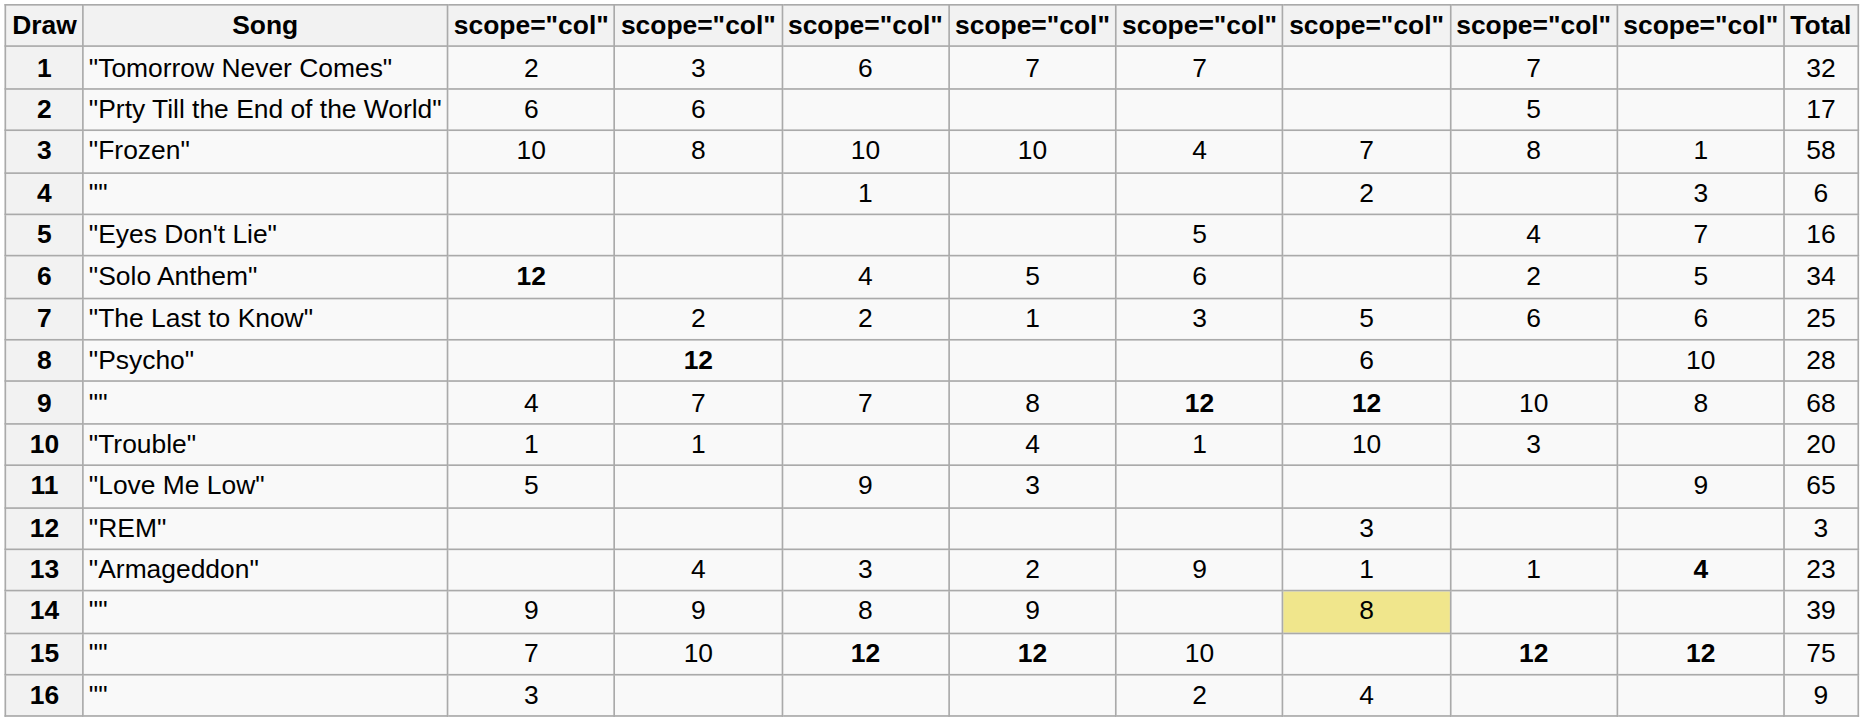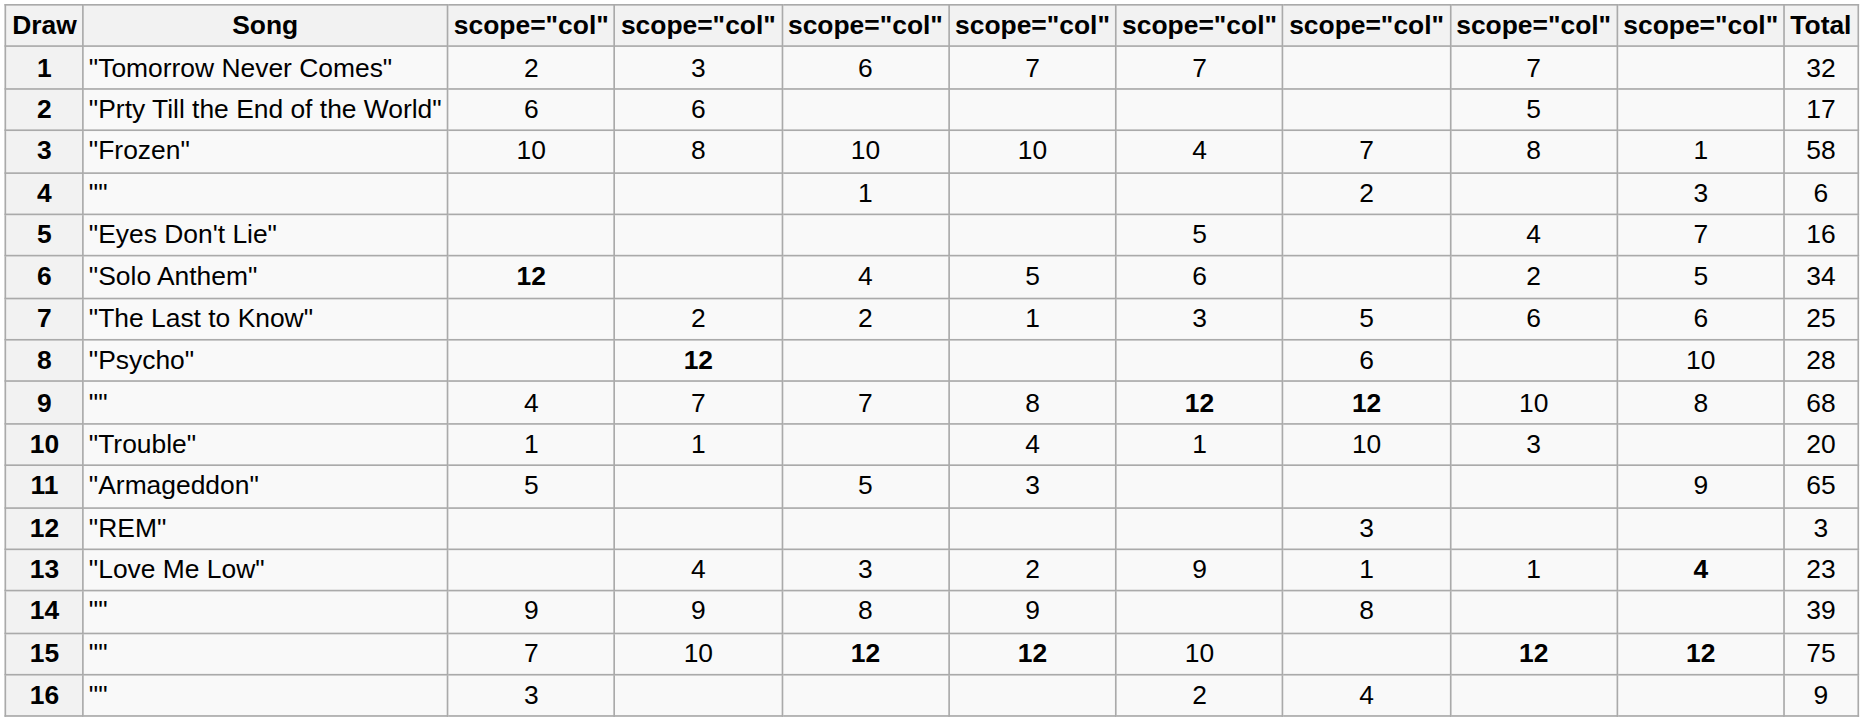 <table class="wikitable plainrowheaders collapsible" style="margin: 1em auto 1em auto; text-align:center;">
 <tr>
 <th>Draw</th>
 <th>Song</th>
 <th>scope="col" </th>
 <th>scope="col" </th>
 <th>scope="col" </th>
 <th>scope="col" </th>
 <th>scope="col" </th>
 <th>scope="col" </th>
 <th>scope="col" </th>
 <th>scope="col" </th>
 <th>Total</th>
 </tr>
 <tr>
 <th scope="row" style="text-align:center;">1</th>
 <td align="left">"Tomorrow Never Comes"</td>
 <td>2</td>
 <td>3</td>
 <td>6</td>
 <td>7</td>
 <td>7</td>
 <td></td>
 <td>7</td>
 <td></td>
 <td>32</td>
 </tr>
 <tr>
 <th scope="row" style="text-align:center;">2</th>
 <td align="left">"Prty Till the End of the World"</td>
 <td>6</td>
 <td>6</td>
 <td></td>
 <td></td>
 <td></td>
 <td></td>
 <td>5</td>
 <td></td>
 <td>17</td>
 </tr>
 <tr>
 <th scope="row" style="text-align:center;">3</th>
 <td align="left">"Frozen"</td>
 <td>10</td>
 <td>8</td>
 <td>10</td>
 <td>10</td>
 <td>4</td>
 <td>7</td>
 <td>8</td>
 <td>1</td>
 <td>58</td>
 </tr>
 <tr>
 <th scope="row" style="text-align:center;">4</th>
 <td align="left">""</td>
 <td></td>
 <td></td>
 <td>1</td>
 <td></td>
 <td></td>
 <td>2</td>
 <td></td>
 <td>3</td>
 <td>6</td>
 </tr>
 <tr>
 <th scope="row" style="text-align:center;">5</th>
 <td align="left">"Eyes Don't Lie"</td>
 <td></td>
 <td></td>
 <td></td>
 <td></td>
 <td>5</td>
 <td></td>
 <td>4</td>
 <td>7</td>
 <td>16</td>
 </tr>
 <tr>
 <th scope="row" style="text-align:center;">6</th>
 <td align="left">"Solo Anthem"</td>
 <td><strong>12</strong></td>
 <td></td>
 <td>4</td>
 <td>5</td>
 <td>6</td>
 <td></td>
 <td>2</td>
 <td>5</td>
 <td>34</td>
 </tr>
 <tr>
 <th scope="row" style="text-align:center;">7</th>
 <td align="left">"The Last to Know"</td>
 <td></td>
 <td>2</td>
 <td>2</td>
 <td>1</td>
 <td>3</td>
 <td>5</td>
 <td>6</td>
 <td>6</td>
 <td>25</td>
 </tr>
 <tr>
 <th scope="row" style="text-align:center;">8</th>
 <td align="left">"Psycho"</td>
 <td></td>
 <td><strong>12</strong></td>
 <td></td>
 <td></td>
 <td></td>
 <td>6</td>
 <td></td>
 <td>10</td>
 <td>28</td>
 </tr>
 <tr>
 <th scope="row" style="text-align:center;">9</th>
 <td align="left">""</td>
 <td>4</td>
 <td>7</td>
 <td>7</td>
 <td>8</td>
 <td><strong>12</strong></td>
 <td><strong>12</strong></td>
 <td>10</td>
 <td>8</td>
 <td>68</td>
 </tr>
 <tr>
 <th scope="row" style="text-align:center;">10</th>
 <td align="left">"Trouble"</td>
 <td>1</td>
 <td>1</td>
 <td></td>
 <td>4</td>
 <td>1</td>
 <td>10</td>
 <td>3</td>
 <td></td>
 <td>20</td>
 </tr>
 <tr>
 <th scope="row" style="text-align:center;">11</th>
-<td align="left">"Love Me Low"</td>
+<td align="left">"Armageddon"</td>
 <td>5</td>
 <td></td>
-<td>9</td>
+<td>5</td>
 <td>3</td>
 <td></td>
 <td></td>
 <td></td>
 <td>9</td>
 <td>65</td>
 </tr>
 <tr>
 <th scope="row" style="text-align:center;">12</th>
 <td align="left">"REM"</td>
 <td></td>
 <td></td>
 <td></td>
 <td></td>
 <td></td>
 <td>3</td>
 <td></td>
 <td></td>
 <td>3</td>
 </tr>
 <tr>
 <th scope="row" style="text-align:center;">13</th>
-<td align="left">"Armageddon"</td>
+<td align="left">"Love Me Low"</td>
 <td></td>
 <td>4</td>
 <td>3</td>
 <td>2</td>
 <td>9</td>
 <td>1</td>
 <td>1</td>
 <td><strong>4</strong></td>
 <td>23</td>
 </tr>
 <tr>
 <th scope="row" style="text-align:center;">14</th>
 <td align="left">""</td>
 <td>9</td>
 <td>9</td>
 <td>8</td>
 <td>9</td>
 <td></td>
-<td style="background: khaki;">8</td>
+<td>8</td>
 <td></td>
 <td></td>
 <td>39</td>
 </tr>
 <tr>
 <th scope="row" style="text-align:center;">15</th>
 <td align="left">""</td>
 <td>7</td>
 <td>10</td>
 <td><strong>12</strong></td>
 <td><strong>12</strong></td>
 <td>10</td>
 <td></td>
 <td><strong>12</strong></td>
 <td><strong>12</strong></td>
 <td>75</td>
 </tr>
 <tr>
 <th scope="row" style="text-align:center;">16</th>
 <td align="left">""</td>
 <td>3</td>
 <td></td>
 <td></td>
 <td></td>
 <td>2</td>
 <td>4</td>
 <td></td>
 <td></td>
 <td>9</td>
 </tr>
 </table>
